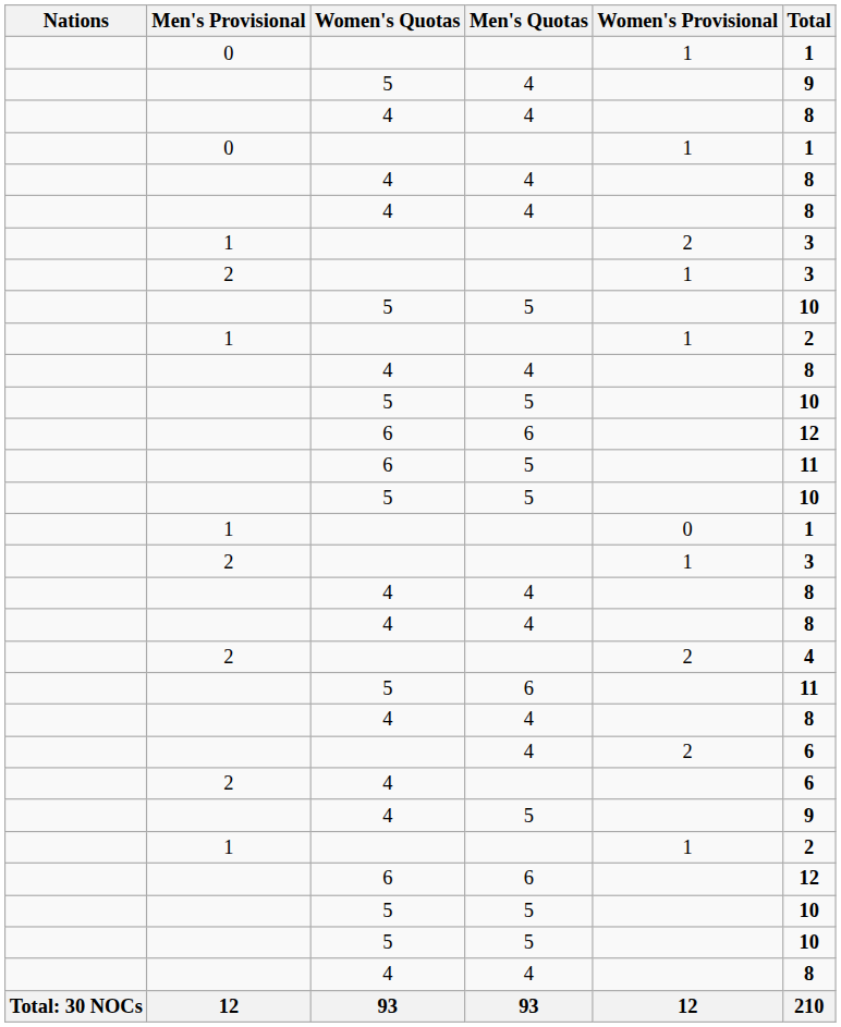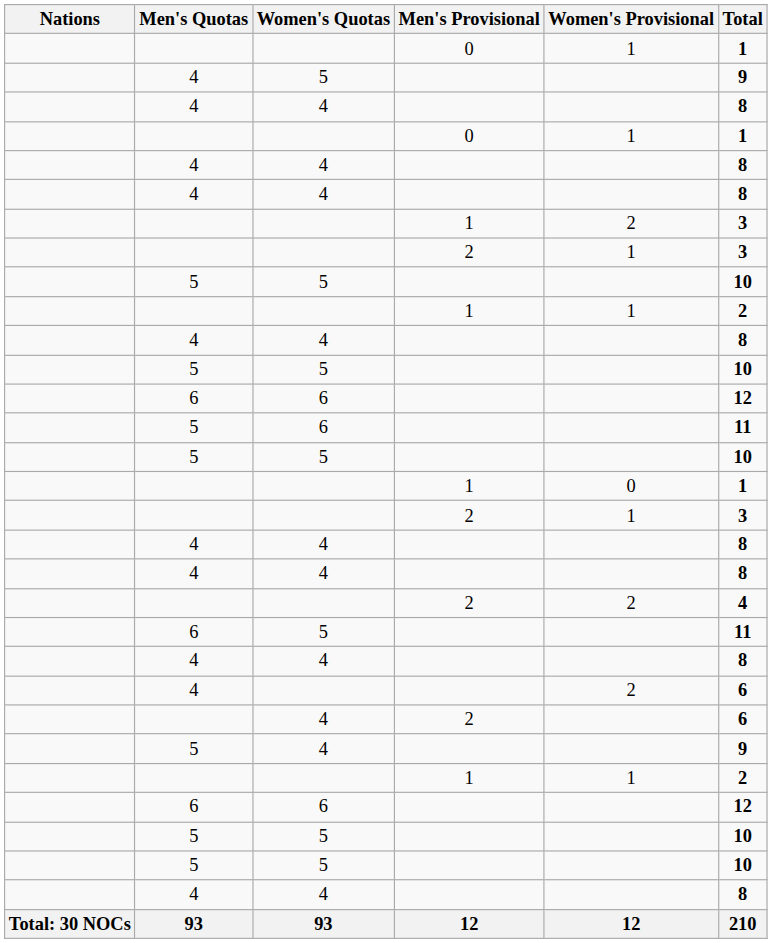 <table class="wikitable sortable" style="text-align:center;">
 <tr>
 <th>Nations</th>
+<th>Men's Quotas</th>
+<th>Women's Quotas</th>
 <th>Men's Provisional</th>
-<th>Women's Quotas</th>
-<th>Men's Quotas</th>
 <th>Women's Provisional</th>
 <th>Total</th>
 </tr>
 <tr>
 <td align=left></td>
-<td>0</td>
 <td></td>
 <td></td>
+<td>0</td>
 <td>1</td>
 <td><strong>1</strong></td>
 </tr>
 <tr>
 <td align=left></td>
+<td>4</td>
+<td>5</td>
 <td></td>
-<td>5</td>
-<td>4</td>
 <td></td>
 <td><strong>9</strong></td>
 </tr>
 <tr>
 <td align=left></td>
-<td></td>
 <td>4</td>
 <td>4</td>
 <td></td>
-<td><strong>8</strong></td>
-</tr>
-<tr>
-<td align=left></td>
-<td>0</td>
-<td></td>
-<td></td>
-<td>1</td>
-<td><strong>1</strong></td>
-</tr>
-<tr>
-<td align=left></td>
-<td></td>
-<td>4</td>
-<td>4</td>
-<td></td>
-<td><strong>8</strong></td>
-</tr>
-<tr>
-<td align=left></td>
-<td></td>
-<td>4</td>
-<td>4</td>
-<td></td>
-<td><strong>8</strong></td>
-</tr>
-<tr>
-<td align=left></td>
-<td>1</td>
-<td></td>
-<td></td>
-<td>2</td>
-<td><strong>3</strong></td>
-</tr>
-<tr>
-<td align=left></td>
-<td>2</td>
-<td></td>
-<td></td>
-<td>1</td>
-<td><strong>3</strong></td>
-</tr>
-<tr>
-<td align=left></td>
-<td></td>
-<td>5</td>
-<td>5</td>
-<td></td>
-<td><strong>10</strong></td>
-</tr>
-<tr>
-<td align=left></td>
-<td>1</td>
-<td></td>
-<td></td>
-<td>1</td>
-<td><strong>2</strong></td>
-</tr>
-<tr>
-<td align=left></td>
-<td></td>
-<td>4</td>
-<td>4</td>
-<td></td>
-<td><strong>8</strong></td>
-</tr>
-<tr>
-<td align=left></td>
-<td></td>
-<td>5</td>
-<td>5</td>
-<td></td>
-<td><strong>10</strong></td>
-</tr>
-<tr>
-<td align=left></td>
-<td></td>
-<td>6</td>
-<td>6</td>
-<td></td>
-<td><strong>12</strong></td>
-</tr>
-<tr>
-<td align=left></td>
-<td></td>
-<td>6</td>
-<td>5</td>
-<td></td>
-<td><strong>11</strong></td>
-</tr>
-<tr>
-<td align=left></td>
-<td></td>
-<td>5</td>
-<td>5</td>
-<td></td>
-<td><strong>10</strong></td>
-</tr>
-<tr>
-<td align=left></td>
-<td>1</td>
-<td></td>
-<td></td>
-<td>0</td>
-<td><strong>1</strong></td>
-</tr>
-<tr>
-<td align=left></td>
-<td>2</td>
-<td></td>
-<td></td>
-<td>1</td>
-<td><strong>3</strong></td>
-</tr>
-<tr>
-<td align=left></td>
-<td></td>
-<td>4</td>
-<td>4</td>
-<td></td>
-<td><strong>8</strong></td>
-</tr>
-<tr>
-<td align=left></td>
-<td></td>
-<td>4</td>
-<td>4</td>
-<td></td>
-<td><strong>8</strong></td>
-</tr>
-<tr>
-<td align=left></td>
-<td>2</td>
-<td></td>
-<td></td>
-<td>2</td>
-<td><strong>4</strong></td>
-</tr>
-<tr>
-<td align=left></td>
-<td></td>
-<td>5</td>
-<td>6</td>
-<td></td>
-<td><strong>11</strong></td>
-</tr>
-<tr>
-<td align=left></td>
-<td></td>
-<td>4</td>
-<td>4</td>
 <td></td>
 <td><strong>8</strong></td>
 </tr>
 <tr>
 <td align=left></td>
 <td></td>
 <td></td>
-<td>4</td>
-<td>2</td>
-<td><strong>6</strong></td>
+<td>0</td>
+<td>1</td>
+<td><strong>1</strong></td>
 </tr>
 <tr>
 <td align=left></td>
-<td>2</td>
+<td>4</td>
 <td>4</td>
 <td></td>
 <td></td>
+<td><strong>8</strong></td>
+</tr>
+<tr>
+<td align=left></td>
+<td>4</td>
+<td>4</td>
+<td></td>
+<td></td>
+<td><strong>8</strong></td>
+</tr>
+<tr>
+<td align=left></td>
+<td></td>
+<td></td>
+<td>1</td>
+<td>2</td>
+<td><strong>3</strong></td>
+</tr>
+<tr>
+<td align=left></td>
+<td></td>
+<td></td>
+<td>2</td>
+<td>1</td>
+<td><strong>3</strong></td>
+</tr>
+<tr>
+<td align=left></td>
+<td>5</td>
+<td>5</td>
+<td></td>
+<td></td>
+<td><strong>10</strong></td>
+</tr>
+<tr>
+<td align=left></td>
+<td></td>
+<td></td>
+<td>1</td>
+<td>1</td>
+<td><strong>2</strong></td>
+</tr>
+<tr>
+<td align=left></td>
+<td>4</td>
+<td>4</td>
+<td></td>
+<td></td>
+<td><strong>8</strong></td>
+</tr>
+<tr>
+<td align=left></td>
+<td>5</td>
+<td>5</td>
+<td></td>
+<td></td>
+<td><strong>10</strong></td>
+</tr>
+<tr>
+<td align=left></td>
+<td>6</td>
+<td>6</td>
+<td></td>
+<td></td>
+<td><strong>12</strong></td>
+</tr>
+<tr>
+<td align=left></td>
+<td>5</td>
+<td>6</td>
+<td></td>
+<td></td>
+<td><strong>11</strong></td>
+</tr>
+<tr>
+<td align=left></td>
+<td>5</td>
+<td>5</td>
+<td></td>
+<td></td>
+<td><strong>10</strong></td>
+</tr>
+<tr>
+<td align=left></td>
+<td></td>
+<td></td>
+<td>1</td>
+<td>0</td>
+<td><strong>1</strong></td>
+</tr>
+<tr>
+<td align=left></td>
+<td></td>
+<td></td>
+<td>2</td>
+<td>1</td>
+<td><strong>3</strong></td>
+</tr>
+<tr>
+<td align=left></td>
+<td>4</td>
+<td>4</td>
+<td></td>
+<td></td>
+<td><strong>8</strong></td>
+</tr>
+<tr>
+<td align=left></td>
+<td>4</td>
+<td>4</td>
+<td></td>
+<td></td>
+<td><strong>8</strong></td>
+</tr>
+<tr>
+<td align=left></td>
+<td></td>
+<td></td>
+<td>2</td>
+<td>2</td>
+<td><strong>4</strong></td>
+</tr>
+<tr>
+<td align=left></td>
+<td>6</td>
+<td>5</td>
+<td></td>
+<td></td>
+<td><strong>11</strong></td>
+</tr>
+<tr>
+<td align=left></td>
+<td>4</td>
+<td>4</td>
+<td></td>
+<td></td>
+<td><strong>8</strong></td>
+</tr>
+<tr>
+<td align=left></td>
+<td>4</td>
+<td></td>
+<td></td>
+<td>2</td>
 <td><strong>6</strong></td>
 </tr>
 <tr>
 <td align=left></td>
 <td></td>
 <td>4</td>
+<td>2</td>
+<td></td>
+<td><strong>6</strong></td>
+</tr>
+<tr>
+<td align=left></td>
 <td>5</td>
+<td>4</td>
+<td></td>
 <td></td>
 <td><strong>9</strong></td>
 </tr>
 <tr>
 <td align=left></td>
-<td>1</td>
 <td></td>
 <td></td>
+<td>1</td>
 <td>1</td>
 <td><strong>2</strong></td>
 </tr>
 <tr>
 <td align=left></td>
-<td></td>
 <td>6</td>
 <td>6</td>
+<td></td>
 <td></td>
 <td><strong>12</strong></td>
 </tr>
 <tr>
 <td align=left></td>
-<td></td>
 <td>5</td>
 <td>5</td>
+<td></td>
 <td></td>
 <td><strong>10</strong></td>
 </tr>
 <tr>
 <td align=left></td>
-<td></td>
 <td>5</td>
 <td>5</td>
+<td></td>
 <td></td>
 <td><strong>10</strong></td>
 </tr>
 <tr>
 <td align=left></td>
-<td></td>
 <td>4</td>
 <td>4</td>
+<td></td>
 <td></td>
 <td><strong>8</strong></td>
 </tr>
 <tr>
 <th>Total: 30 NOCs</th>
-<th>12</th>
 <th>93</th>
 <th>93</th>
+<th>12</th>
 <th>12</th>
 <th>210</th>
 </tr>
 </table>
